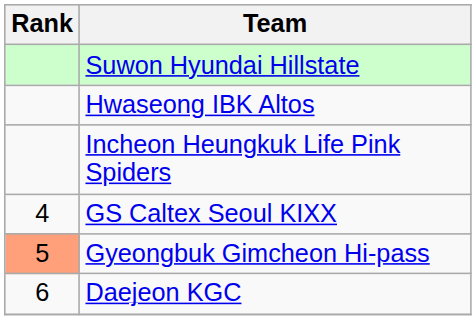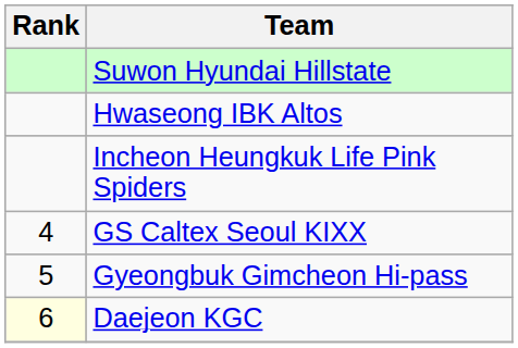 <table class="wikitable" style="text-align: center;">
 <tr>
 <th width=40>Rank</th>
 <th width=240>Team</th>
 </tr>
 <tr bgcolor=#ccffcc>
 <td></td>
 <td align=left><a href='#'>Suwon Hyundai Hillstate</a></td>
 </tr>
 <tr>
 <td></td>
 <td align=left><a href='#'>Hwaseong IBK Altos</a></td>
 </tr>
 <tr>
 <td></td>
 <td align=left><a href='#'>Incheon Heungkuk Life Pink Spiders</a></td>
 </tr>
 <tr>
 <td>4</td>
 <td align=left><a href='#'>GS Caltex Seoul KIXX</a></td>
 </tr>
 <tr>
-<td style="background: lightsalmon;">5</td>
+<td>5</td>
 <td align=left><a href='#'>Gyeongbuk Gimcheon Hi-pass</a></td>
 </tr>
 <tr>
-<td>6</td>
+<td style="background: lightyellow;">6</td>
 <td align=left><a href='#'>Daejeon KGC</a></td>
 </tr>
 <tr>
 </tr>
 </table>
